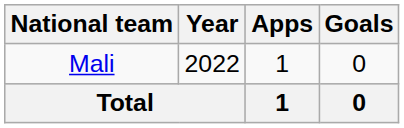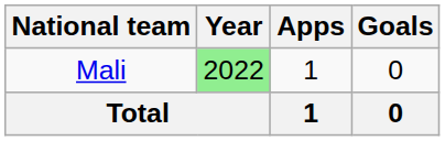 <table class="wikitable" style="text-align:center">
 <tr>
 <th>National team</th>
 <th>Year</th>
 <th>Apps</th>
 <th>Goals</th>
 </tr>
 <tr>
 <td rowspan="1"><a href='#'>Mali</a></td>
-<td>2022</td>
+<td style="background: lightgreen;">2022</td>
 <td>1</td>
 <td>0</td>
 </tr>
 <tr>
 <th colspan="2">Total</th>
 <th>1</th>
 <th>0</th>
 </tr>
 </table>
